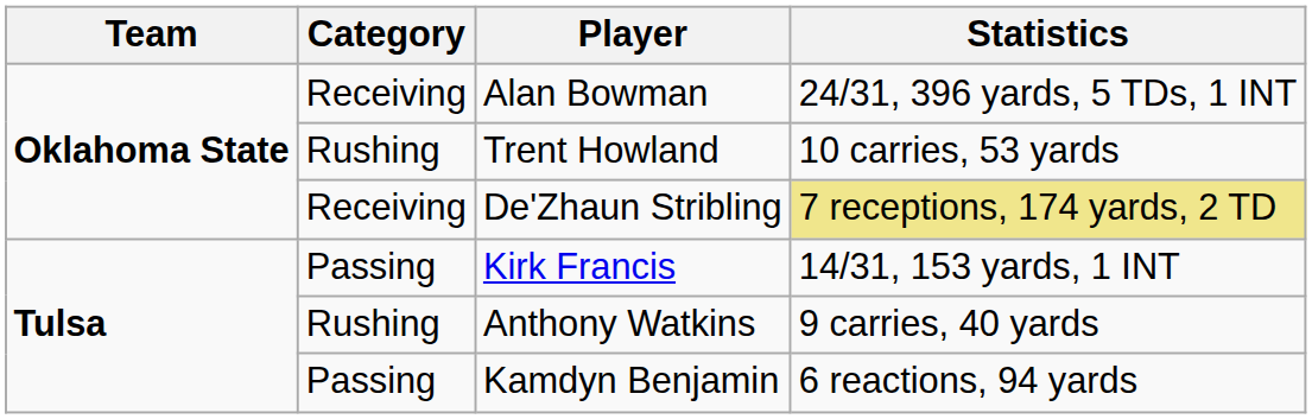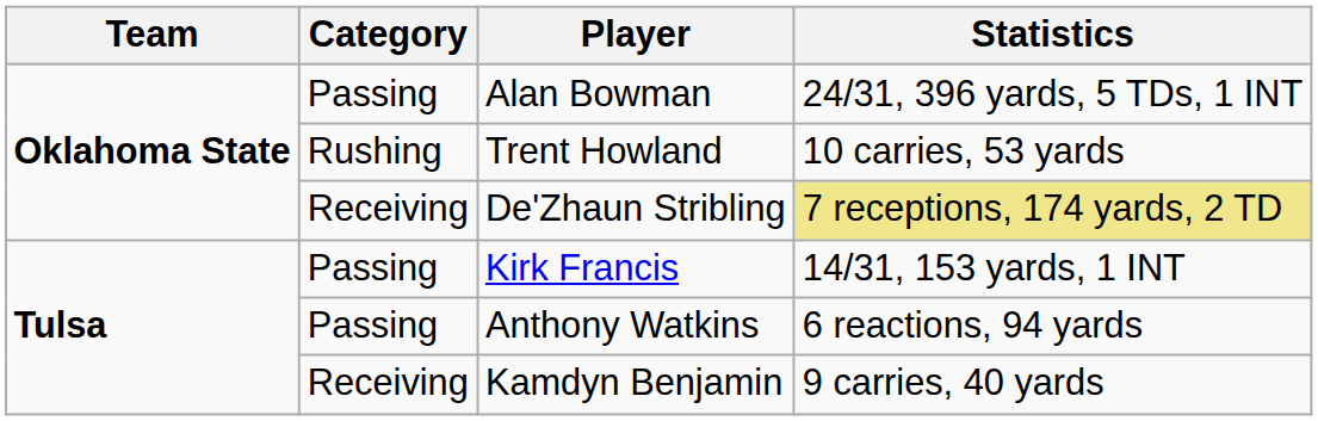 <table class="wikitable" style="float: right;">
 <tr>
 <th>Team</th>
 <th>Category</th>
 <th>Player</th>
 <th>Statistics</th>
 </tr>
 <tr>
 <td rowspan=3><strong>Oklahoma State</strong></td>
-<td>Receiving</td>
+<td>Passing</td>
 <td>Alan Bowman</td>
 <td>24/31, 396 yards, 5 TDs, 1 INT</td>
 </tr>
 <tr>
 <td>Rushing</td>
 <td>Trent Howland</td>
 <td>10 carries, 53 yards</td>
 </tr>
 <tr>
 <td>Receiving</td>
 <td>De'Zhaun Stribling</td>
 <td style="background: khaki;">7 receptions, 174 yards, 2 TD</td>
 </tr>
 <tr>
 <td rowspan=3><strong>Tulsa</strong></td>
 <td>Passing</td>
 <td><a href='#'>Kirk Francis</a></td>
 <td>14/31, 153 yards, 1 INT</td>
 </tr>
 <tr>
-<td>Rushing</td>
+<td>Passing</td>
 <td>Anthony Watkins</td>
+<td>6 reactions, 94 yards</td>
+</tr>
+<tr>
+<td>Receiving</td>
+<td>Kamdyn Benjamin</td>
 <td>9 carries, 40 yards</td>
 </tr>
-<tr>
-<td>Passing</td>
-<td>Kamdyn Benjamin</td>
-<td>6 reactions, 94 yards</td>
-</tr>
 </table>
